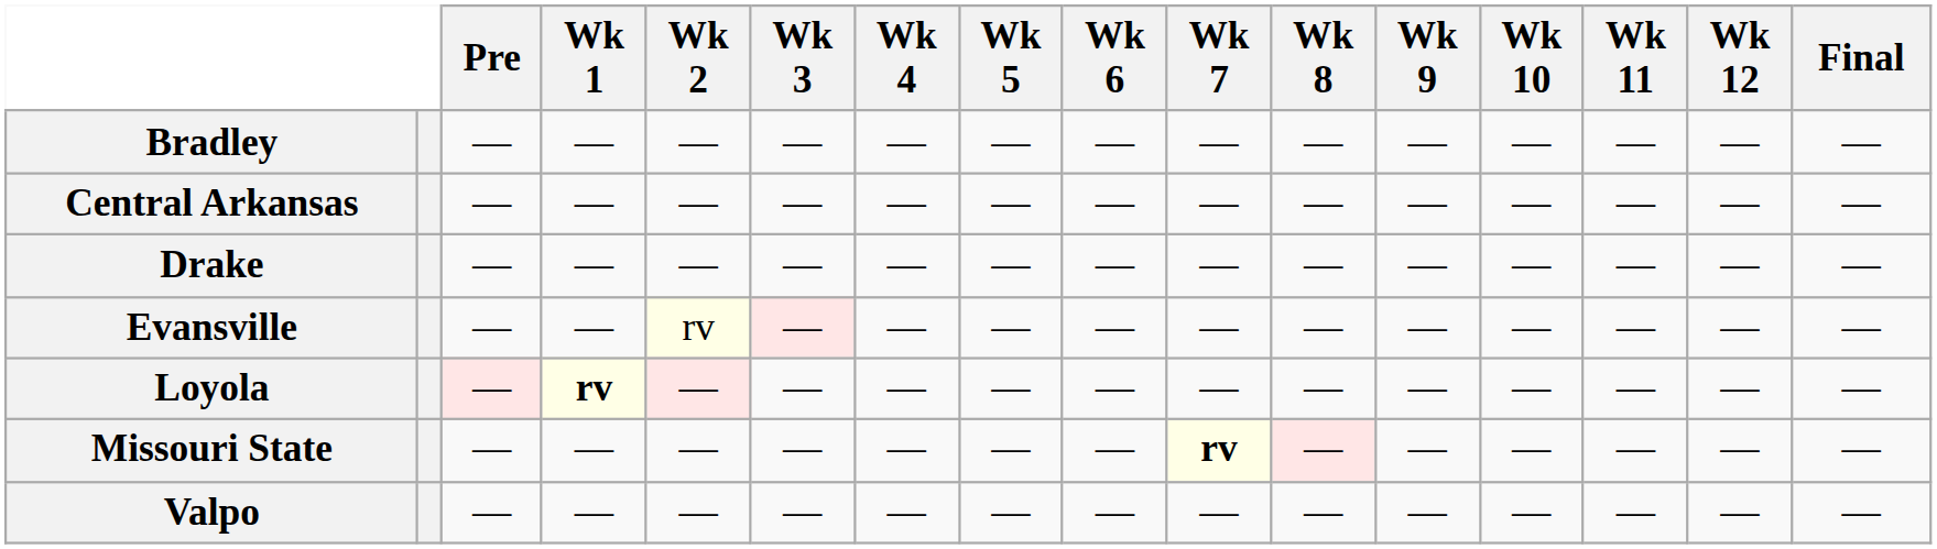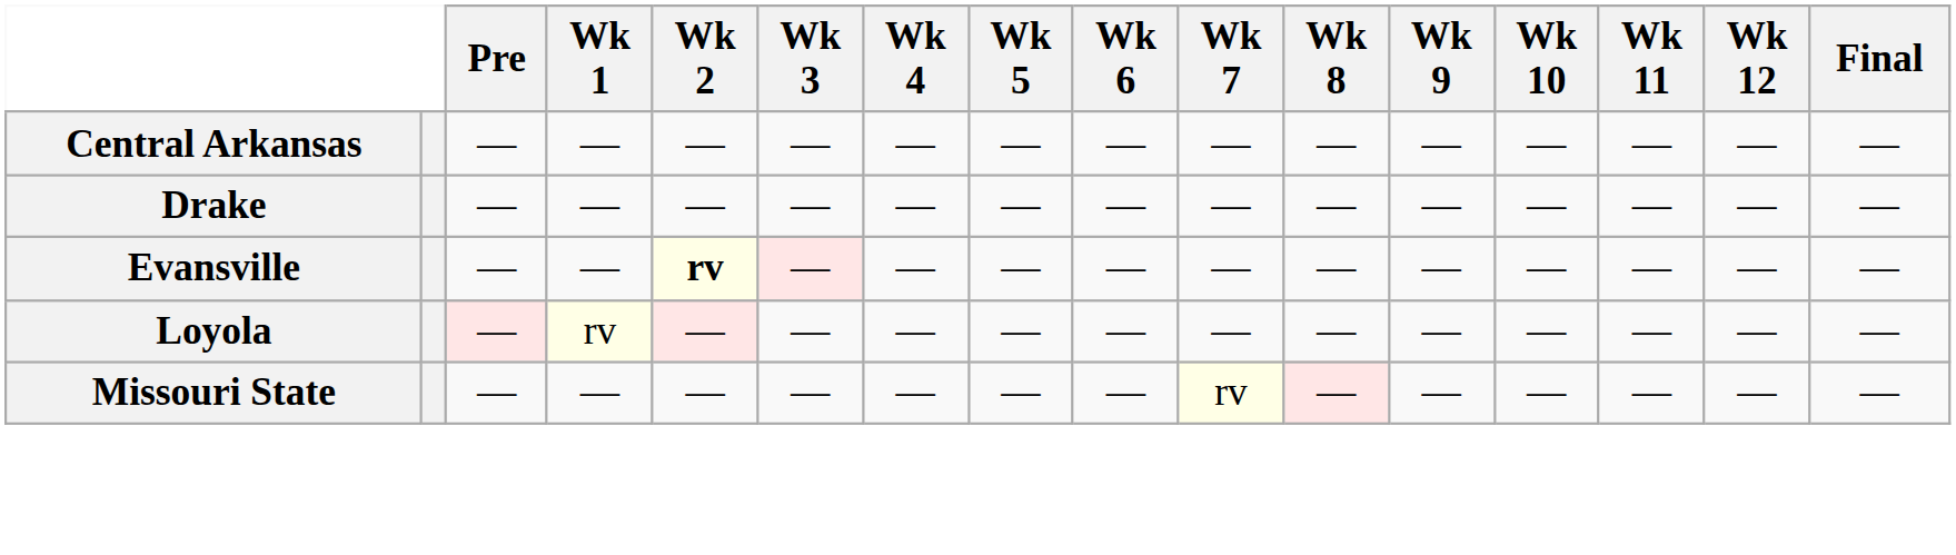 <table class="wikitable" style="text-align:center; width:50%">
 <tr>
 <th colspan=2 style="background:white; border-top-style:hidden; border-left-style:hidden;"> </th>
 <th>Pre</th>
 <th>Wk<br>1</th>
 <th>Wk<br>2</th>
 <th>Wk<br>3</th>
 <th>Wk<br>4</th>
 <th>Wk<br>5</th>
 <th>Wk<br>6</th>
 <th>Wk<br>7</th>
 <th>Wk<br>8</th>
 <th>Wk<br>9</th>
 <th>Wk<br>10</th>
 <th>Wk<br>11</th>
 <th>Wk<br>12</th>
 <th>Final</th>
-</tr>
-<tr style="text-align:center;">
-<th>Bradley</th>
-<th></th>
-<td style="background:#">—</td>
-<td style="background:#">—</td>
-<td style="background:#">—</td>
-<td style="background:#">—</td>
-<td style="background:#">—</td>
-<td style="background:#">—</td>
-<td style="background:#">—</td>
-<td style="background:#">—</td>
-<td style="background:#">—</td>
-<td style="background:#">—</td>
-<td style="background:#">—</td>
-<td style="background:#">—</td>
-<td style="background:#">—</td>
-<td style="background:#">—</td>
 </tr>
 <tr style="text-align:center;">
 <th>Central Arkansas</th>
 <th></th>
 <td style="background:#">—</td>
 <td style="background:#">—</td>
 <td style="background:#">—</td>
 <td style="background:#">—</td>
 <td style="background:#">—</td>
 <td style="background:#">—</td>
 <td style="background:#">—</td>
 <td style="background:#">—</td>
 <td style="background:#">—</td>
 <td style="background:#">—</td>
 <td style="background:#">—</td>
 <td style="background:#">—</td>
 <td style="background:#">—</td>
 <td style="background:#">—</td>
 </tr>
 <tr style="text-align:center;">
 <th>Drake</th>
 <th></th>
 <td style="background:#">—</td>
 <td style="background:#">—</td>
 <td style="background:#">—</td>
 <td style="background:#">—</td>
 <td style="background:#">—</td>
 <td style="background:#">—</td>
 <td style="background:#">—</td>
 <td style="background:#">—</td>
 <td style="background:#">—</td>
 <td style="background:#">—</td>
 <td style="background:#">—</td>
 <td style="background:#">—</td>
 <td style="background:#">—</td>
 <td style="background:#">—</td>
 </tr>
 <tr style="text-align:center;">
 <th>Evansville</th>
 <th></th>
 <td style="background:#">—</td>
 <td style="background:#">—</td>
-<td style="background:#FFFFE6">rv</td>
+<td style="background:#FFFFE6"><strong>rv</strong></td>
 <td style="background:#FFE6E6">—</td>
 <td style="background:#">—</td>
 <td style="background:#">—</td>
 <td style="background:#">—</td>
 <td style="background:#">—</td>
 <td style="background:#">—</td>
 <td style="background:#">—</td>
 <td style="background:#">—</td>
 <td style="background:#">—</td>
 <td style="background:#">—</td>
 <td style="background:#">—</td>
 </tr>
 <tr style="text-align:center;">
 <th>Loyola</th>
 <th></th>
 <td style="background:#FFE6E6">—</td>
-<td style="background:#FFFFE6"><strong>rv</strong></td>
+<td style="background:#FFFFE6">rv</td>
 <td style="background:#FFE6E6">—</td>
 <td style="background:#">—</td>
 <td style="background:#">—</td>
 <td style="background:#">—</td>
 <td style="background:#">—</td>
 <td style="background:#">—</td>
 <td style="background:#">—</td>
 <td style="background:#">—</td>
 <td style="background:#">—</td>
 <td style="background:#">—</td>
 <td style="background:#">—</td>
 <td style="background:#">—</td>
 </tr>
 <tr style="text-align:center;">
 <th>Missouri State</th>
 <th></th>
 <td style="background:#">—</td>
 <td style="background:#">—</td>
 <td style="background:#">—</td>
 <td style="background:#">—</td>
 <td style="background:#">—</td>
 <td style="background:#">—</td>
 <td style="background:#">—</td>
-<td style="background:#FFFFE6"><strong>rv</strong></td>
+<td style="background:#FFFFE6">rv</td>
 <td style="background:#FFE6E6">—</td>
 <td style="background:#">—</td>
 <td style="background:#">—</td>
 <td style="background:#">—</td>
 <td style="background:#">—</td>
 <td style="background:#">—</td>
 </tr>
-<tr style="text-align:center;">
-<th>Valpo</th>
-<th></th>
-<td style="background:#">—</td>
-<td style="background:#">—</td>
-<td style="background:#">—</td>
-<td style="background:#">—</td>
-<td style="background:#">—</td>
-<td style="background:#">—</td>
-<td style="background:#">—</td>
-<td style="background:#">—</td>
-<td style="background:#">—</td>
-<td style="background:#">—</td>
-<td style="background:#">—</td>
-<td style="background:#">—</td>
-<td style="background:#">—</td>
-<td style="background:#">—</td>
-</tr>
 </table>
